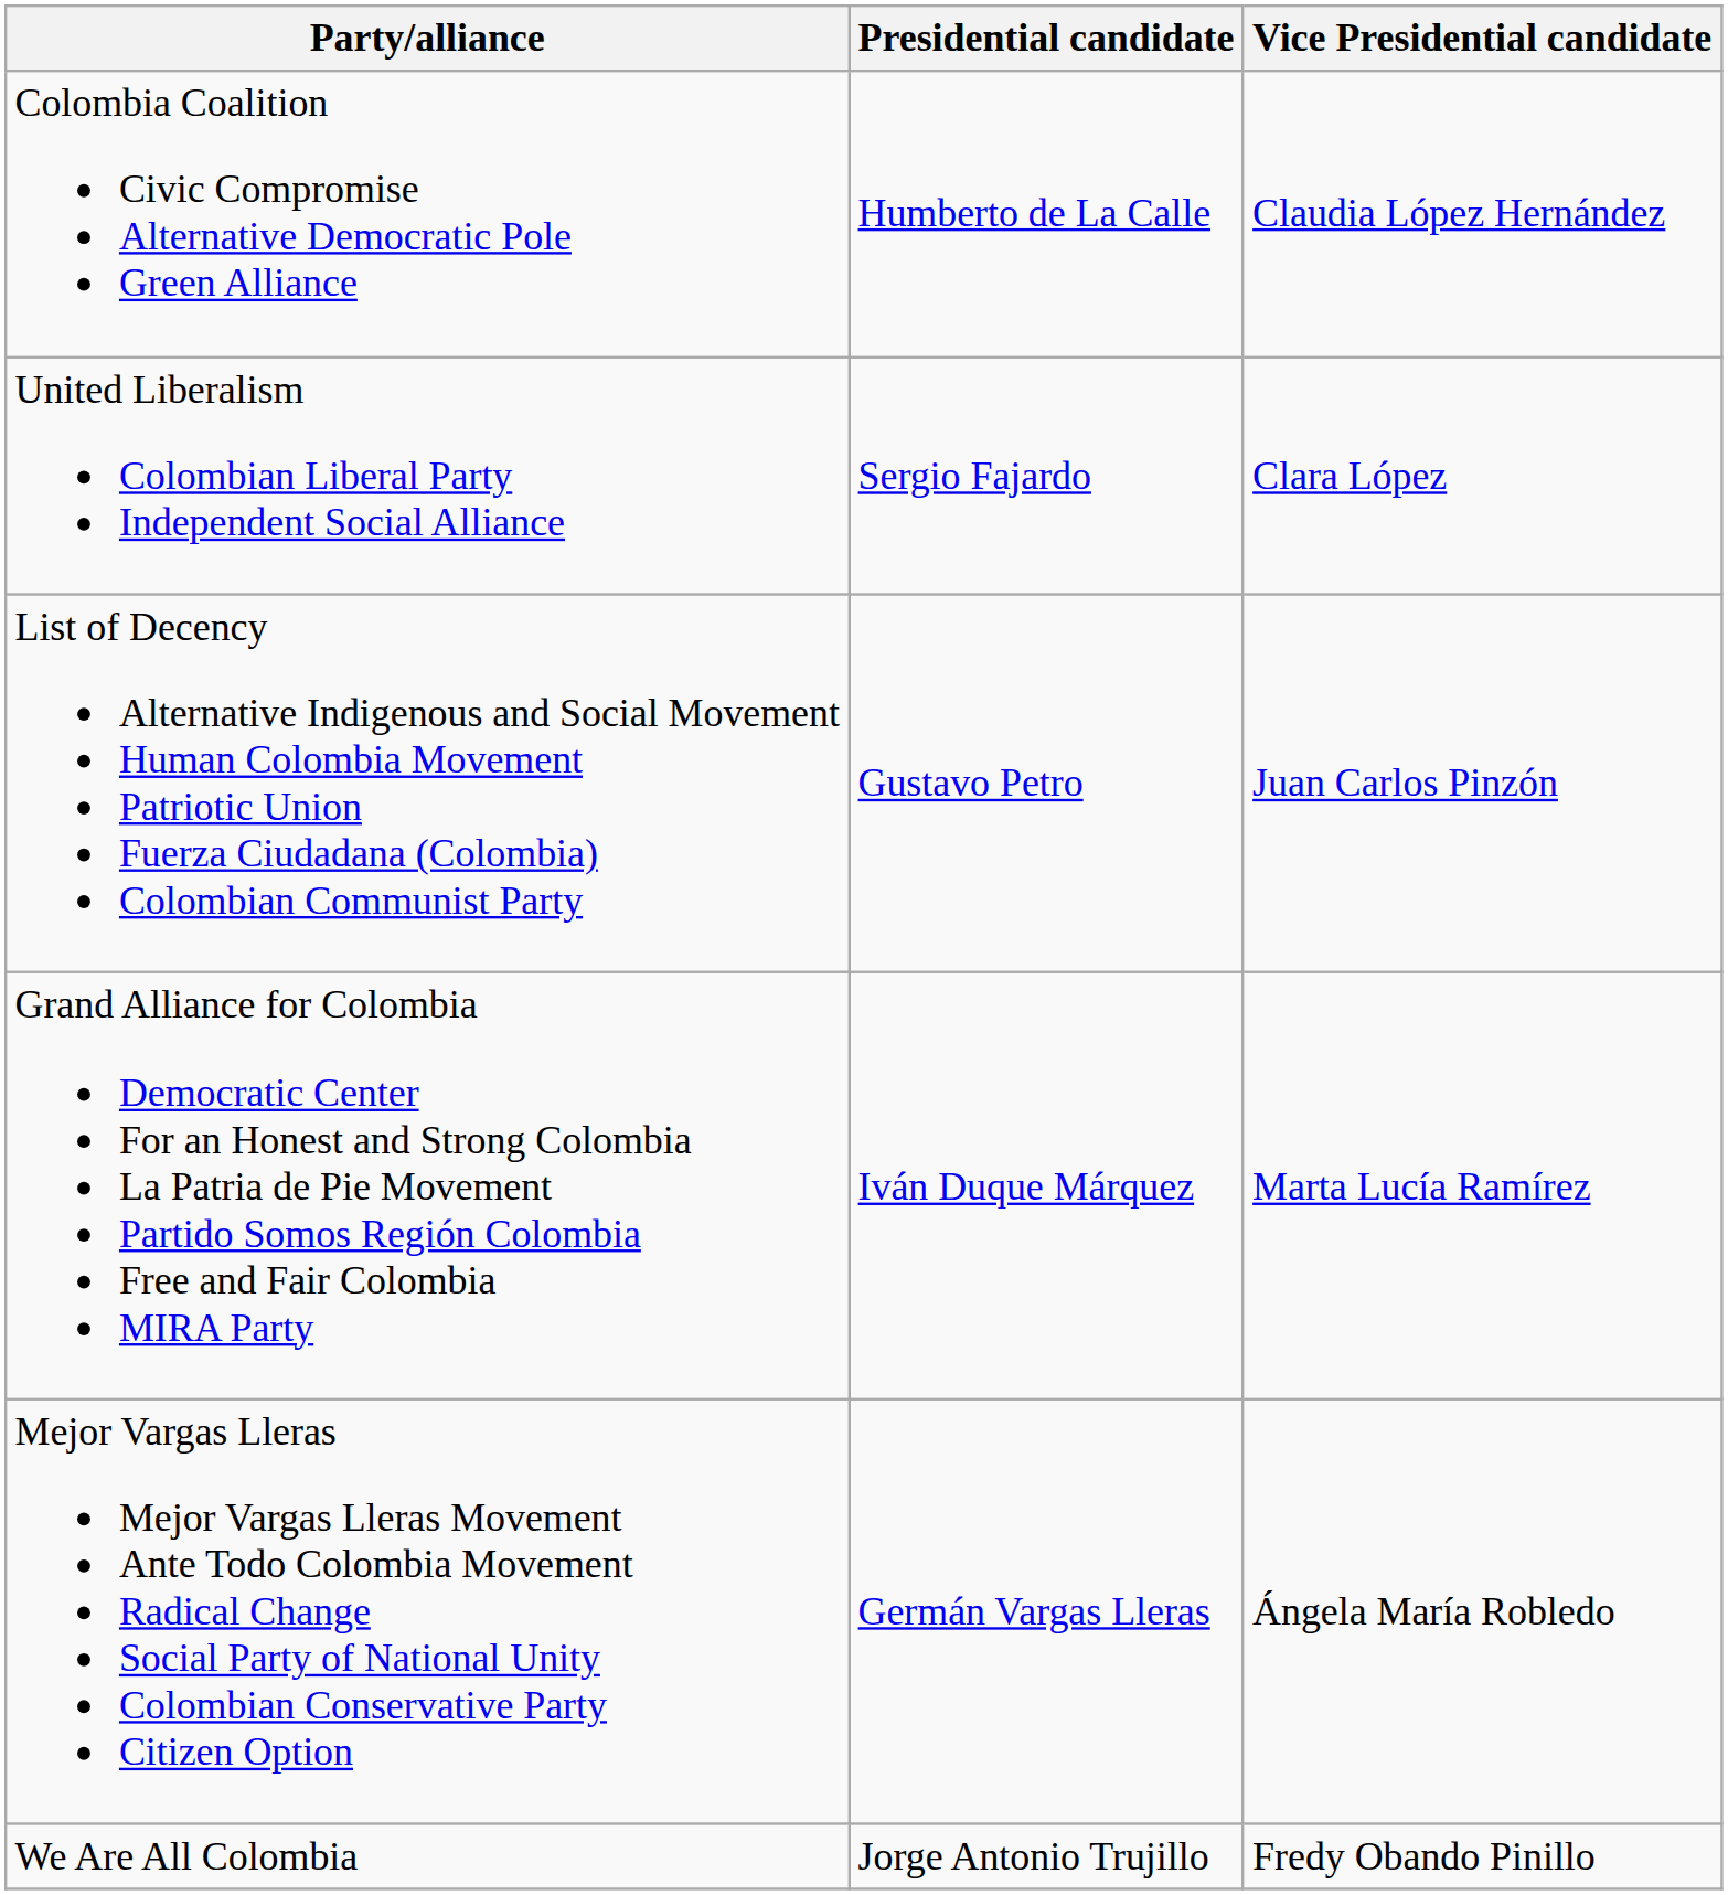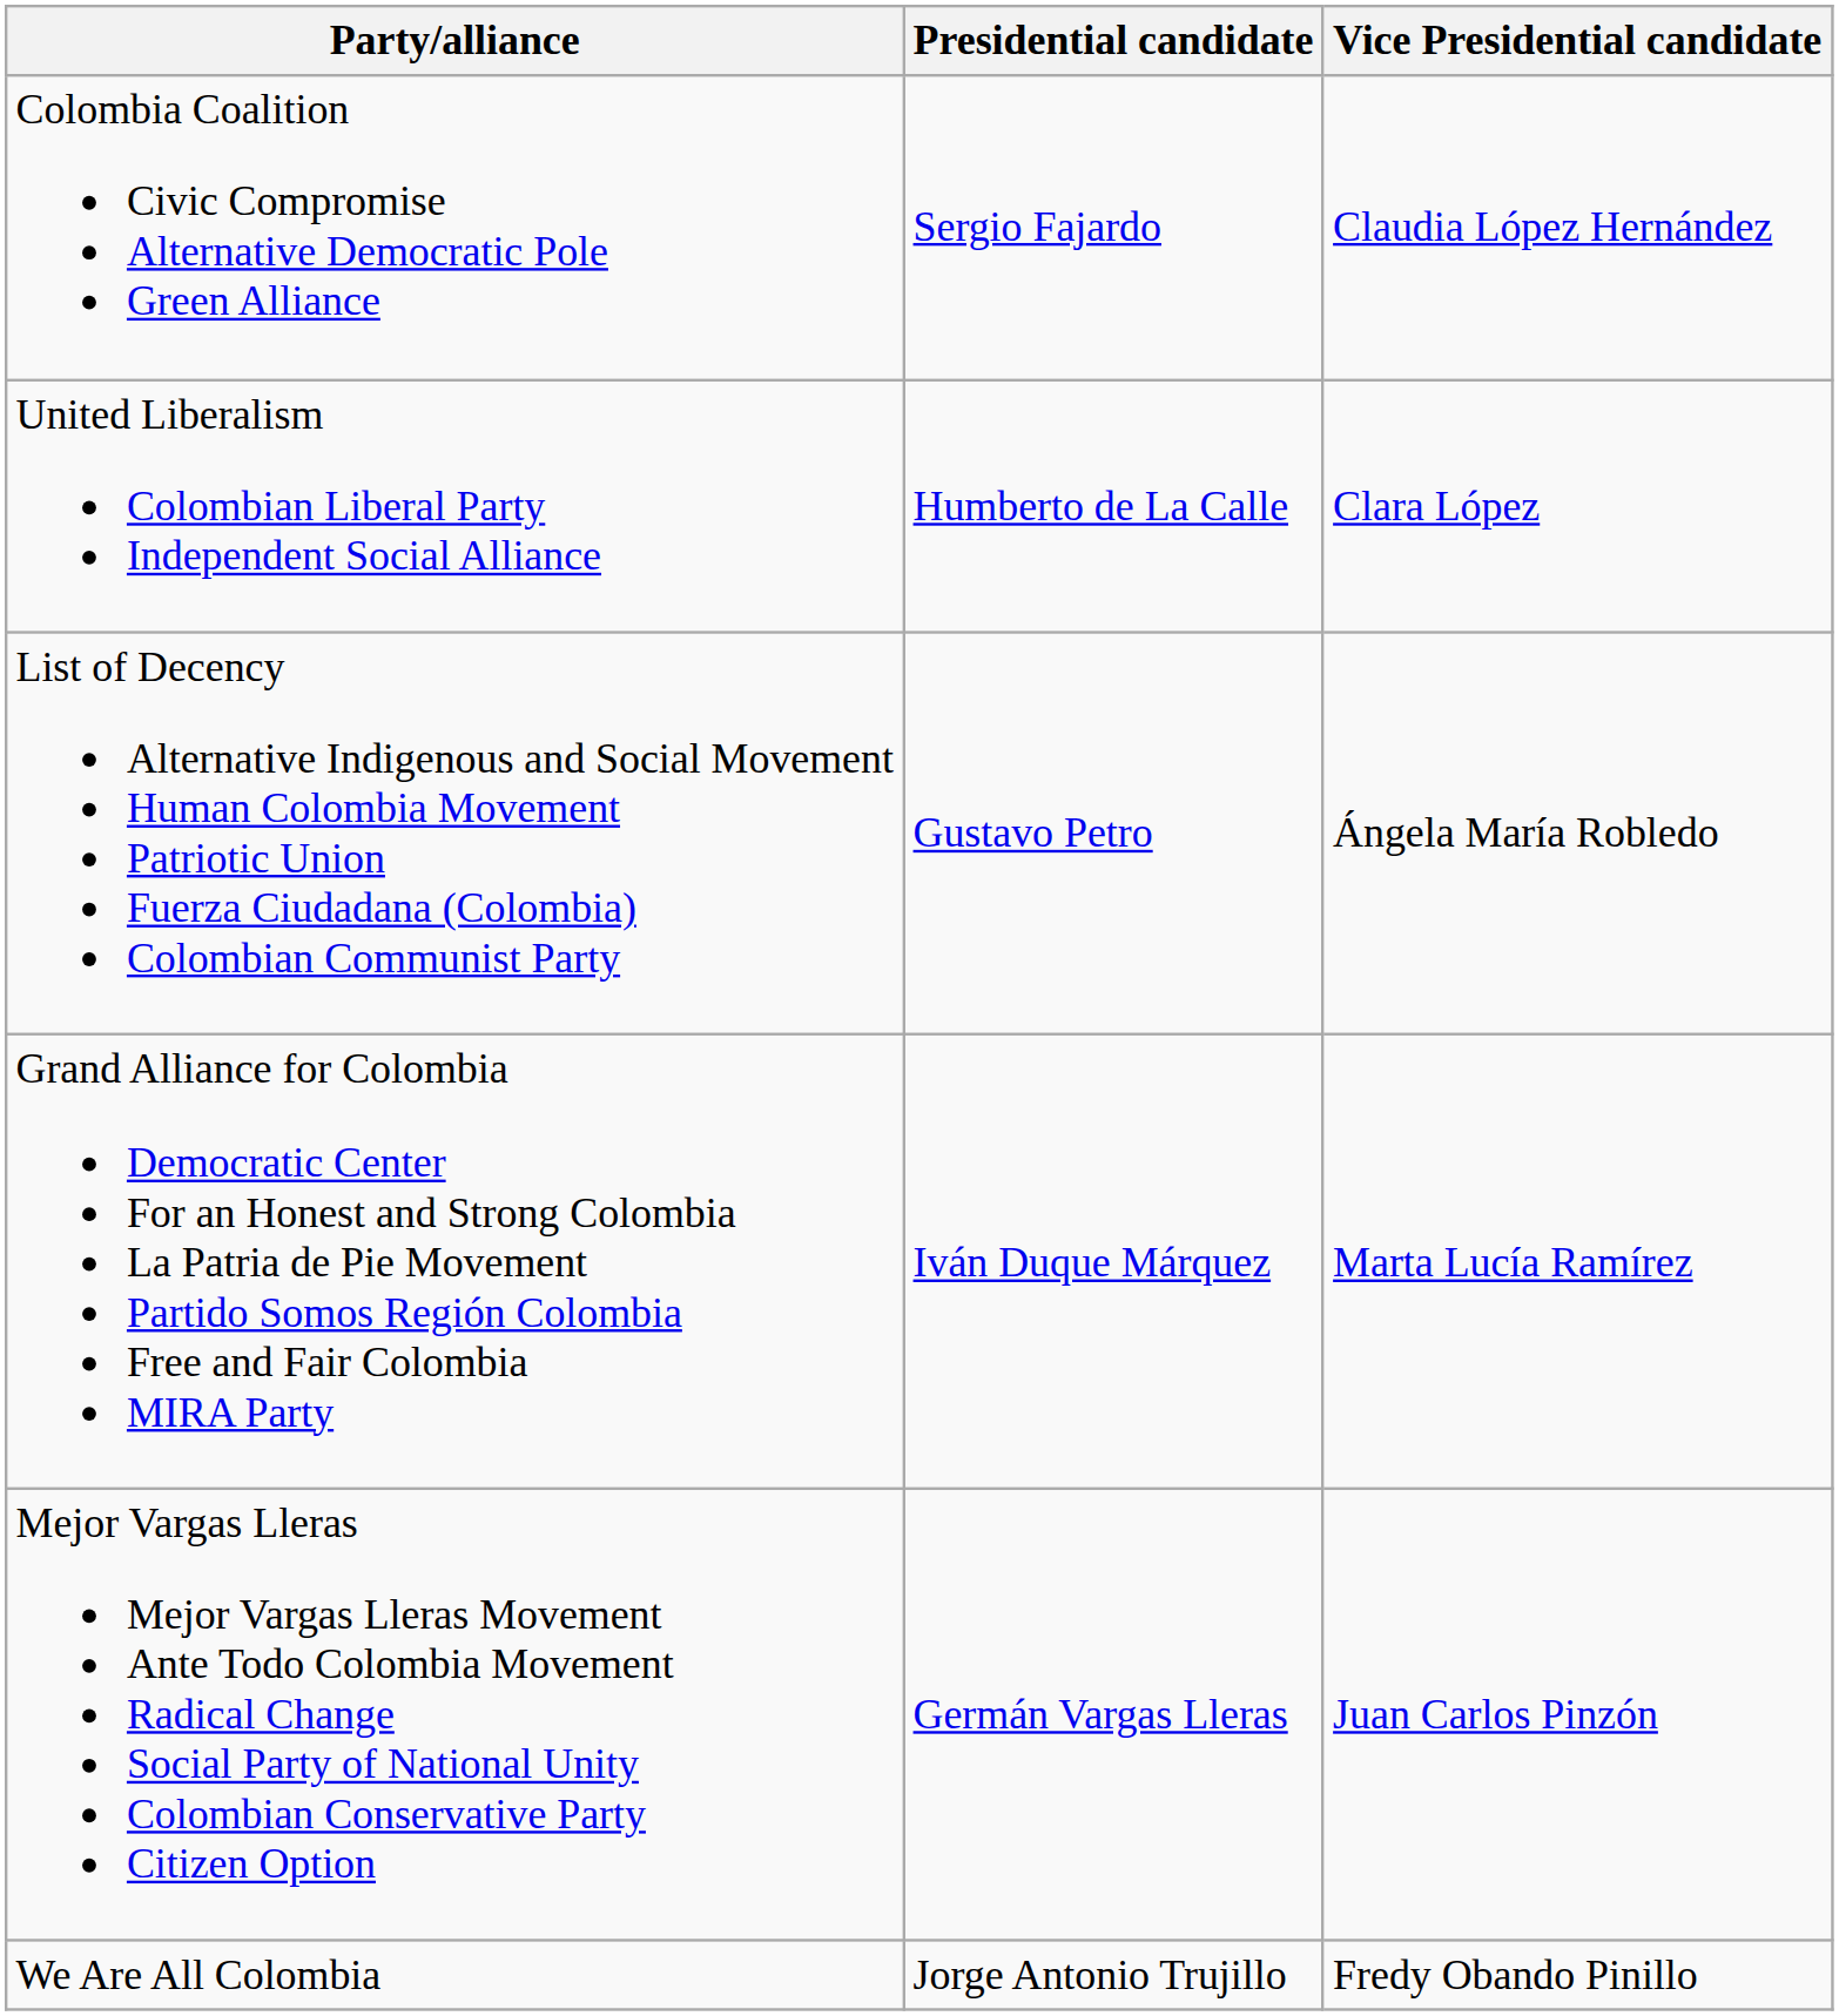 <table class="wikitable sortable" style="font-size: 95%">
 <tr>
 <th colspan=1>Party/alliance</th>
 <th>Presidential candidate</th>
 <th>Vice Presidential candidate</th>
 </tr>
 <tr>
 <td>Colombia Coalition<br><ul><li>Civic Compromise</li><li><a href='#'>Alternative Democratic Pole</a></li><li><a href='#'>Green Alliance</a></li></ul></td>
-<td><a href='#'>Humberto de La Calle</a></td>
+<td><a href='#'>Sergio Fajardo</a></td>
 <td><a href='#'>Claudia López Hernández</a></td>
 </tr>
 <tr>
 <td>United Liberalism<br><ul><li><a href='#'>Colombian Liberal Party</a></li><li><a href='#'>Independent Social Alliance</a></li></ul></td>
-<td><a href='#'>Sergio Fajardo</a></td>
+<td><a href='#'>Humberto de La Calle</a></td>
 <td><a href='#'>Clara López</a></td>
 </tr>
 <tr>
 <td>List of Decency<br><ul><li>Alternative Indigenous and Social Movement</li><li><a href='#'>Human Colombia Movement</a></li><li><a href='#'>Patriotic Union</a></li><li><a href='#'>Fuerza Ciudadana (Colombia)</a></li><li><a href='#'>Colombian Communist Party</a></li></ul></td>
 <td><a href='#'>Gustavo Petro</a></td>
-<td><a href='#'>Juan Carlos Pinzón</a></td>
+<td>Ángela María Robledo</td>
 </tr>
 <tr>
 <td>Grand Alliance for Colombia<br><ul><li><a href='#'>Democratic Center</a></li><li>For an Honest and Strong Colombia</li><li>La Patria de Pie Movement</li><li><a href='#'>Partido Somos Región Colombia</a></li><li>Free and Fair Colombia</li><li><a href='#'>MIRA Party</a></li></ul></td>
 <td><a href='#'>Iván Duque Márquez</a></td>
 <td><a href='#'>Marta Lucía Ramírez</a></td>
 </tr>
 <tr>
 <td>Mejor Vargas Lleras<br><ul><li>Mejor Vargas Lleras Movement</li><li>Ante Todo Colombia Movement</li><li><a href='#'>Radical Change</a></li><li><a href='#'>Social Party of National Unity</a></li><li><a href='#'>Colombian Conservative Party</a></li><li><a href='#'>Citizen Option</a></li></ul></td>
 <td><a href='#'>Germán Vargas Lleras</a></td>
-<td>Ángela María Robledo</td>
+<td><a href='#'>Juan Carlos Pinzón</a></td>
 </tr>
 <tr>
 <td>We Are All Colombia</td>
 <td>Jorge Antonio Trujillo</td>
 <td>Fredy Obando Pinillo</td>
 </tr>
 </table>
